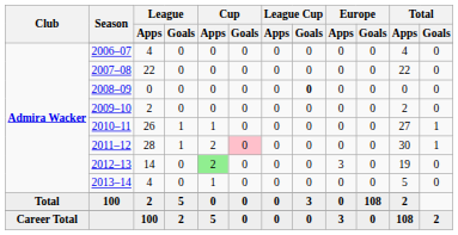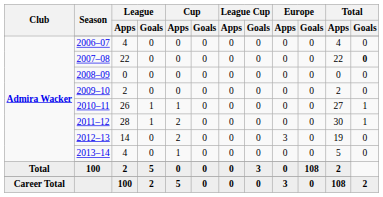 <table class="wikitable" style="font-size:90%; text-align: center;">
 <tr>
 <th rowspan="2">Club</th>
 <th rowspan="2">Season</th>
 <th colspan="2">League</th>
 <th colspan="2">Cup</th>
 <th colspan="2">League Cup</th>
 <th colspan="2">Europe</th>
 <th colspan="2">Total</th>
 </tr>
 <tr>
 <th>Apps</th>
 <th>Goals</th>
 <th>Apps</th>
 <th>Goals</th>
 <th>Apps</th>
 <th>Goals</th>
 <th>Apps</th>
 <th>Goals</th>
 <th>Apps</th>
 <th>Goals</th>
 </tr>
 <tr ||-||-||-|->
 <td rowspan="10" valign="center"><strong><a href='#'>Admira Wacker</a></strong></td>
 </tr>
 <tr>
 <td><a href='#'>2006–07</a></td>
 <td>4</td>
 <td>0</td>
 <td>0</td>
 <td>0</td>
 <td>0</td>
 <td>0</td>
 <td>0</td>
 <td>0</td>
 <td>4</td>
 <td>0</td>
 </tr>
 <tr>
 <td><a href='#'>2007–08</a></td>
 <td>22</td>
 <td>0</td>
 <td>0</td>
 <td>0</td>
 <td>0</td>
 <td>0</td>
 <td>0</td>
 <td>0</td>
 <td>22</td>
-<td>0</td>
+<td><strong>0</strong></td>
 </tr>
 <tr>
 <td><a href='#'>2008–09</a></td>
 <td>0</td>
 <td>0</td>
 <td>0</td>
 <td>0</td>
 <td>0</td>
-<td><strong>0</strong></td>
+<td>0</td>
 <td>0</td>
 <td>0</td>
 <td>0</td>
 <td>0</td>
 </tr>
 <tr>
 <td><a href='#'>2009–10</a></td>
 <td>2</td>
 <td>0</td>
 <td>0</td>
 <td>0</td>
 <td>0</td>
 <td>0</td>
 <td>0</td>
 <td>0</td>
 <td>2</td>
 <td>0</td>
 </tr>
 <tr>
 <td><a href='#'>2010–11</a></td>
 <td>26</td>
 <td>1</td>
 <td>1</td>
 <td>0</td>
 <td>0</td>
 <td>0</td>
 <td>0</td>
 <td>0</td>
 <td>27</td>
 <td>1</td>
 </tr>
 <tr>
 <td><a href='#'>2011–12</a></td>
 <td>28</td>
 <td>1</td>
 <td>2</td>
-<td style="background: pink;">0</td>
+<td>0</td>
 <td>0</td>
 <td>0</td>
 <td>0</td>
 <td>0</td>
 <td>30</td>
 <td>1</td>
 </tr>
 <tr>
 <td><a href='#'>2012–13</a></td>
 <td>14</td>
 <td>0</td>
-<td style="background: lightgreen;">2</td>
+<td>2</td>
 <td>0</td>
 <td>0</td>
 <td>0</td>
 <td>3</td>
 <td>0</td>
 <td>19</td>
 <td>0</td>
 </tr>
 <tr>
 <td><a href='#'>2013–14</a></td>
 <td>4</td>
 <td>0</td>
 <td>1</td>
 <td>0</td>
 <td>0</td>
 <td>0</td>
 <td>0</td>
 <td>0</td>
 <td>5</td>
 <td>0</td>
 </tr>
 <tr>
 </tr>
 <tr style="font-weight:bold; background-color:#eeeeee;">
 <td>Total</td>
 <td>100</td>
 <td>2</td>
 <td>5</td>
 <td>0</td>
 <td>0</td>
 <td>0</td>
 <td>3</td>
 <td>0</td>
 <td>108</td>
 <td>2</td>
 </tr>
 <tr>
 </tr>
 <tr style="font-weight:bold; background-color:#eeeeee;">
 <td rowspan="2" valign="top"><strong>Career Total</strong></td>
 <td></td>
 <td><strong>100</strong></td>
 <td><strong>2</strong></td>
 <td><strong>5</strong></td>
 <td><strong>0</strong></td>
 <td><strong>0</strong></td>
 <td><strong>0</strong></td>
 <td><strong>3</strong></td>
 <td><strong>0</strong></td>
 <td><strong>108</strong></td>
 <td><strong>2</strong></td>
 </tr>
 </table>
